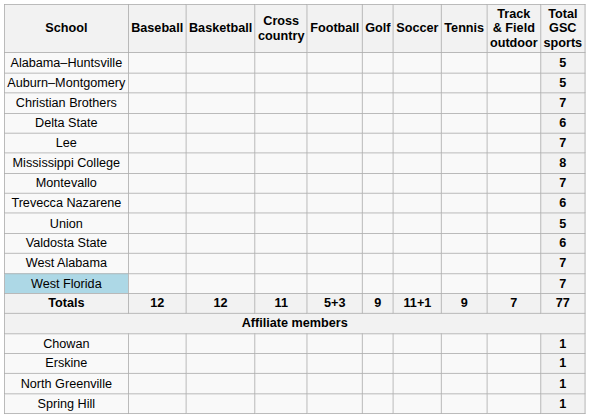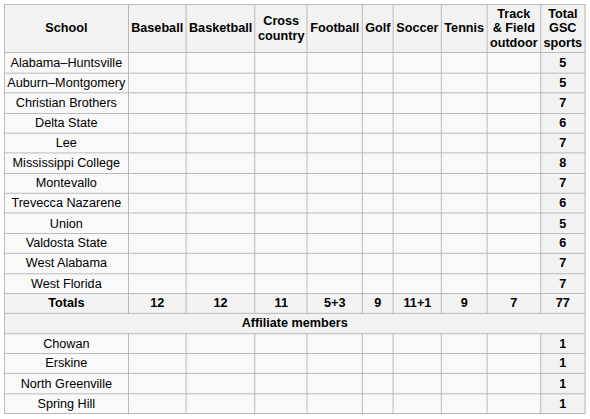 <table class="wikitable" style="text-align:center">
 <tr>
 <th>School</th>
 <th>Baseball</th>
 <th>Basketball</th>
 <th>Cross<br>country</th>
 <th>Football</th>
 <th>Golf</th>
 <th>Soccer</th>
 <th>Tennis</th>
 <th>Track<br>& Field<br>outdoor</th>
 <th>Total<br>GSC<br>sports</th>
 </tr>
 <tr>
 <td>Alabama–Huntsville</td>
 <td></td>
 <td></td>
 <td></td>
 <td></td>
 <td></td>
 <td></td>
 <td></td>
 <td></td>
 <th>5</th>
 </tr>
 <tr>
 <td>Auburn–Montgomery</td>
 <td></td>
 <td></td>
 <td></td>
 <td></td>
 <td></td>
 <td></td>
 <td></td>
 <td></td>
 <th>5</th>
 </tr>
 <tr>
 <td>Christian Brothers</td>
 <td></td>
 <td></td>
 <td></td>
 <td></td>
 <td></td>
 <td></td>
 <td></td>
 <td></td>
 <th>7</th>
 </tr>
 <tr>
 <td>Delta State</td>
 <td></td>
 <td></td>
 <td></td>
 <td></td>
 <td></td>
 <td></td>
 <td></td>
 <td></td>
 <th>6</th>
 </tr>
 <tr>
 <td>Lee</td>
 <td></td>
 <td></td>
 <td></td>
 <td></td>
 <td></td>
 <td></td>
 <td></td>
 <td></td>
 <th>7</th>
 </tr>
 <tr>
 <td>Mississippi College</td>
 <td></td>
 <td></td>
 <td></td>
 <td></td>
 <td></td>
 <td></td>
 <td></td>
 <td></td>
 <th>8</th>
 </tr>
 <tr>
 <td>Montevallo</td>
 <td></td>
 <td></td>
 <td></td>
 <td></td>
 <td></td>
 <td></td>
 <td></td>
 <td></td>
 <th>7</th>
 </tr>
 <tr>
 <td>Trevecca Nazarene</td>
 <td></td>
 <td></td>
 <td></td>
 <td></td>
 <td></td>
 <td></td>
 <td></td>
 <td></td>
 <th>6</th>
 </tr>
 <tr>
 <td>Union</td>
 <td></td>
 <td></td>
 <td></td>
 <td></td>
 <td></td>
 <td></td>
 <td></td>
 <td></td>
 <th>5</th>
 </tr>
 <tr>
 <td>Valdosta State</td>
 <td></td>
 <td></td>
 <td></td>
 <td></td>
 <td></td>
 <td></td>
 <td></td>
 <td></td>
 <th>6</th>
 </tr>
 <tr>
 <td>West Alabama</td>
 <td></td>
 <td></td>
 <td></td>
 <td></td>
 <td></td>
 <td></td>
 <td></td>
 <td></td>
 <th>7</th>
 </tr>
 <tr>
-<td style="background: lightblue;">West Florida</td>
+<td>West Florida</td>
 <td></td>
 <td></td>
 <td></td>
 <td></td>
 <td></td>
 <td></td>
 <td></td>
 <td></td>
 <th>7</th>
 </tr>
 <tr>
 <th>Totals</th>
 <th>12</th>
 <th>12</th>
 <th>11</th>
 <th>5+3</th>
 <th>9</th>
 <th>11+1</th>
 <th>9</th>
 <th>7</th>
 <th>77</th>
 </tr>
 <tr>
 <th colspan=10>Affiliate members</th>
 </tr>
 <tr>
 <td>Chowan</td>
 <td></td>
 <td></td>
 <td></td>
 <td></td>
 <td></td>
 <td></td>
 <td></td>
 <td></td>
 <th>1</th>
 </tr>
 <tr>
 <td>Erskine</td>
 <td></td>
 <td></td>
 <td></td>
 <td></td>
 <td></td>
 <td></td>
 <td></td>
 <td></td>
 <th>1</th>
 </tr>
 <tr>
 <td>North Greenville</td>
 <td></td>
 <td></td>
 <td></td>
 <td></td>
 <td></td>
 <td></td>
 <td></td>
 <td></td>
 <th>1</th>
 </tr>
 <tr>
 <td>Spring Hill</td>
 <td></td>
 <td></td>
 <td></td>
 <td></td>
 <td></td>
 <td></td>
 <td></td>
 <td></td>
 <th>1</th>
 </tr>
 </table>
